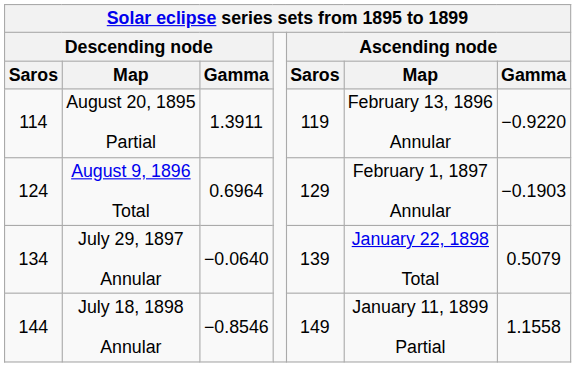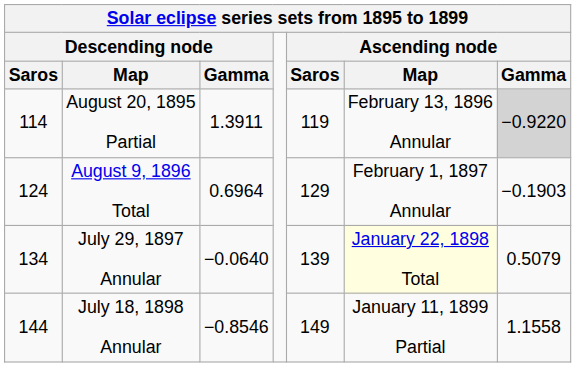 <table class="wikitable mw-collapsible mw-collapsed">
 <tr>
 <th class="nowrap" colspan="7"><a href='#'>Solar eclipse</a> series sets from 1895 to 1899</th>
 </tr>
 <tr>
 <th scope="col" colspan="3">Descending node</th>
 <td rowspan="6"> </td>
 <th scope="col" colspan="3">Ascending node</th>
 </tr>
 <tr style="text-align: center;">
 <th scope="col">Saros</th>
 <th scope="col">Map</th>
 <th scope="col">Gamma</th>
 <th scope="col">Saros</th>
 <th scope="col">Map</th>
 <th scope="col">Gamma</th>
 </tr>
 <tr style="text-align: center;">
 <td>114</td>
 <td>August 20, 1895<br><br>Partial</td>
 <td>1.3911</td>
 <td>119</td>
 <td>February 13, 1896<br><br>Annular</td>
-<td>−0.9220</td>
+<td style="background: lightgrey;">−0.9220</td>
 </tr>
 <tr style="text-align: center;">
 <td>124</td>
 <td><a href='#'>August 9, 1896</a><br><br>Total</td>
 <td>0.6964</td>
 <td>129</td>
 <td>February 1, 1897<br><br>Annular</td>
 <td>−0.1903</td>
 </tr>
 <tr style="text-align: center;">
 <td>134</td>
 <td>July 29, 1897<br><br>Annular</td>
 <td>−0.0640</td>
 <td>139</td>
-<td><a href='#'>January 22, 1898</a><br><br>Total</td>
+<td style="background: lightyellow;"><a href='#'>January 22, 1898</a><br><br>Total</td>
 <td>0.5079</td>
 </tr>
 <tr style="text-align: center;">
 <td>144</td>
 <td>July 18, 1898<br><br>Annular</td>
 <td>−0.8546</td>
 <td>149</td>
 <td>January 11, 1899<br><br>Partial</td>
 <td>1.1558</td>
 </tr>
 </table>
